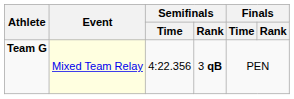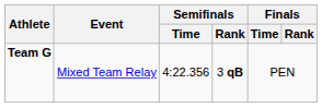 <table class="wikitable" style="font-size:90%;">
 <tr>
 <th rowspan=2>Athlete</th>
 <th rowspan=2>Event</th>
 <th colspan=2>Semifinals</th>
 <th colspan=2>Finals</th>
 </tr>
 <tr>
 <th>Time</th>
 <th>Rank</th>
 <th>Time</th>
 <th>Rank</th>
 </tr>
 <tr>
 <td><strong>Team G</strong><br><br><br><br></td>
-<td style="background: lightyellow;"><a href='#'>Mixed Team Relay</a></td>
+<td><a href='#'>Mixed Team Relay</a></td>
 <td align=center>4:22.356</td>
 <td align=center>3 <strong>qB</strong></td>
 <td align=center colspan=2>PEN</td>
 </tr>
 </table>
